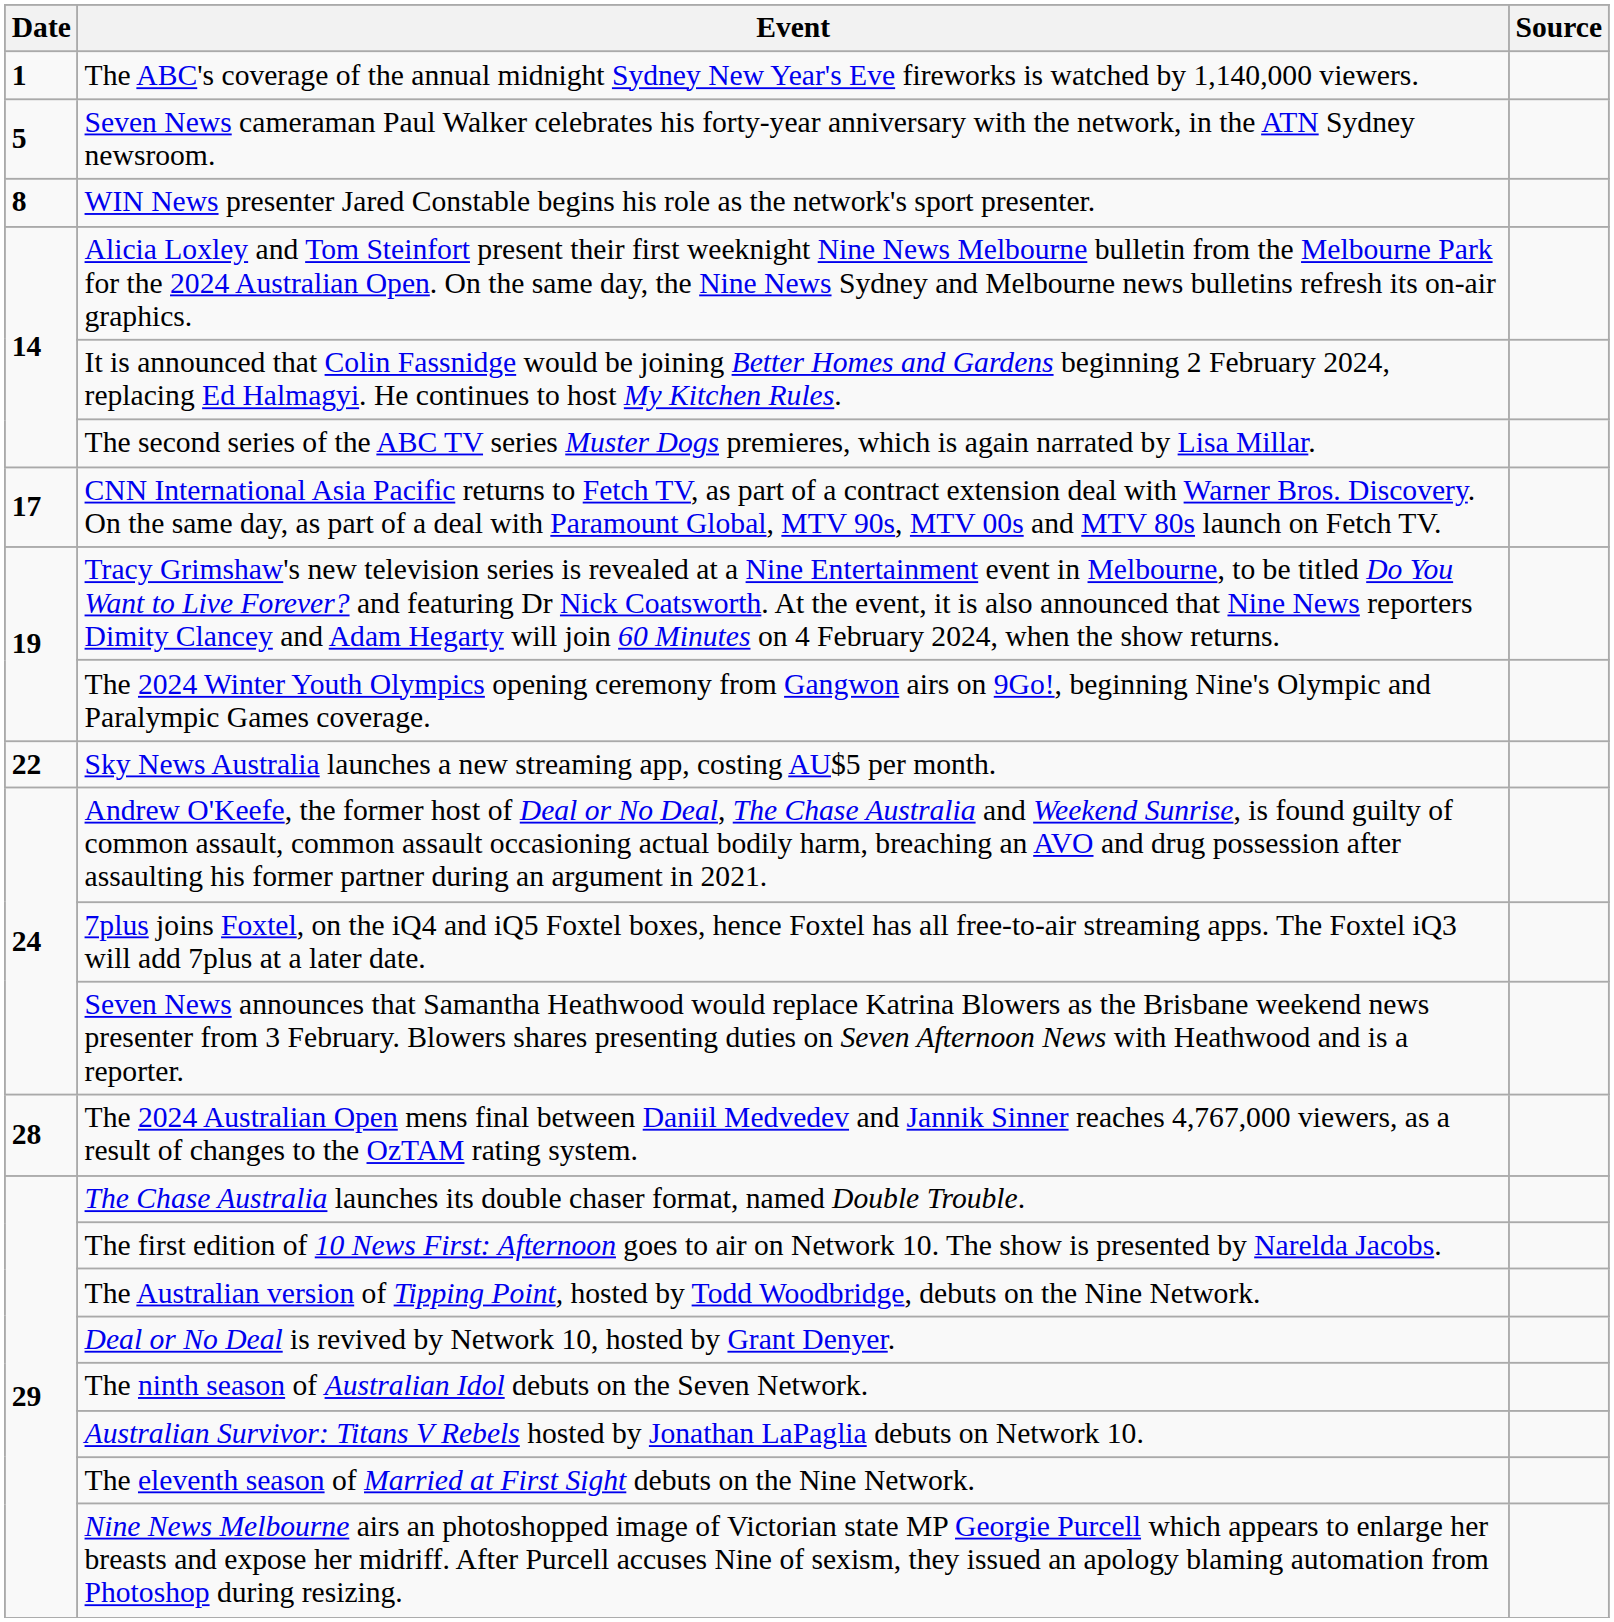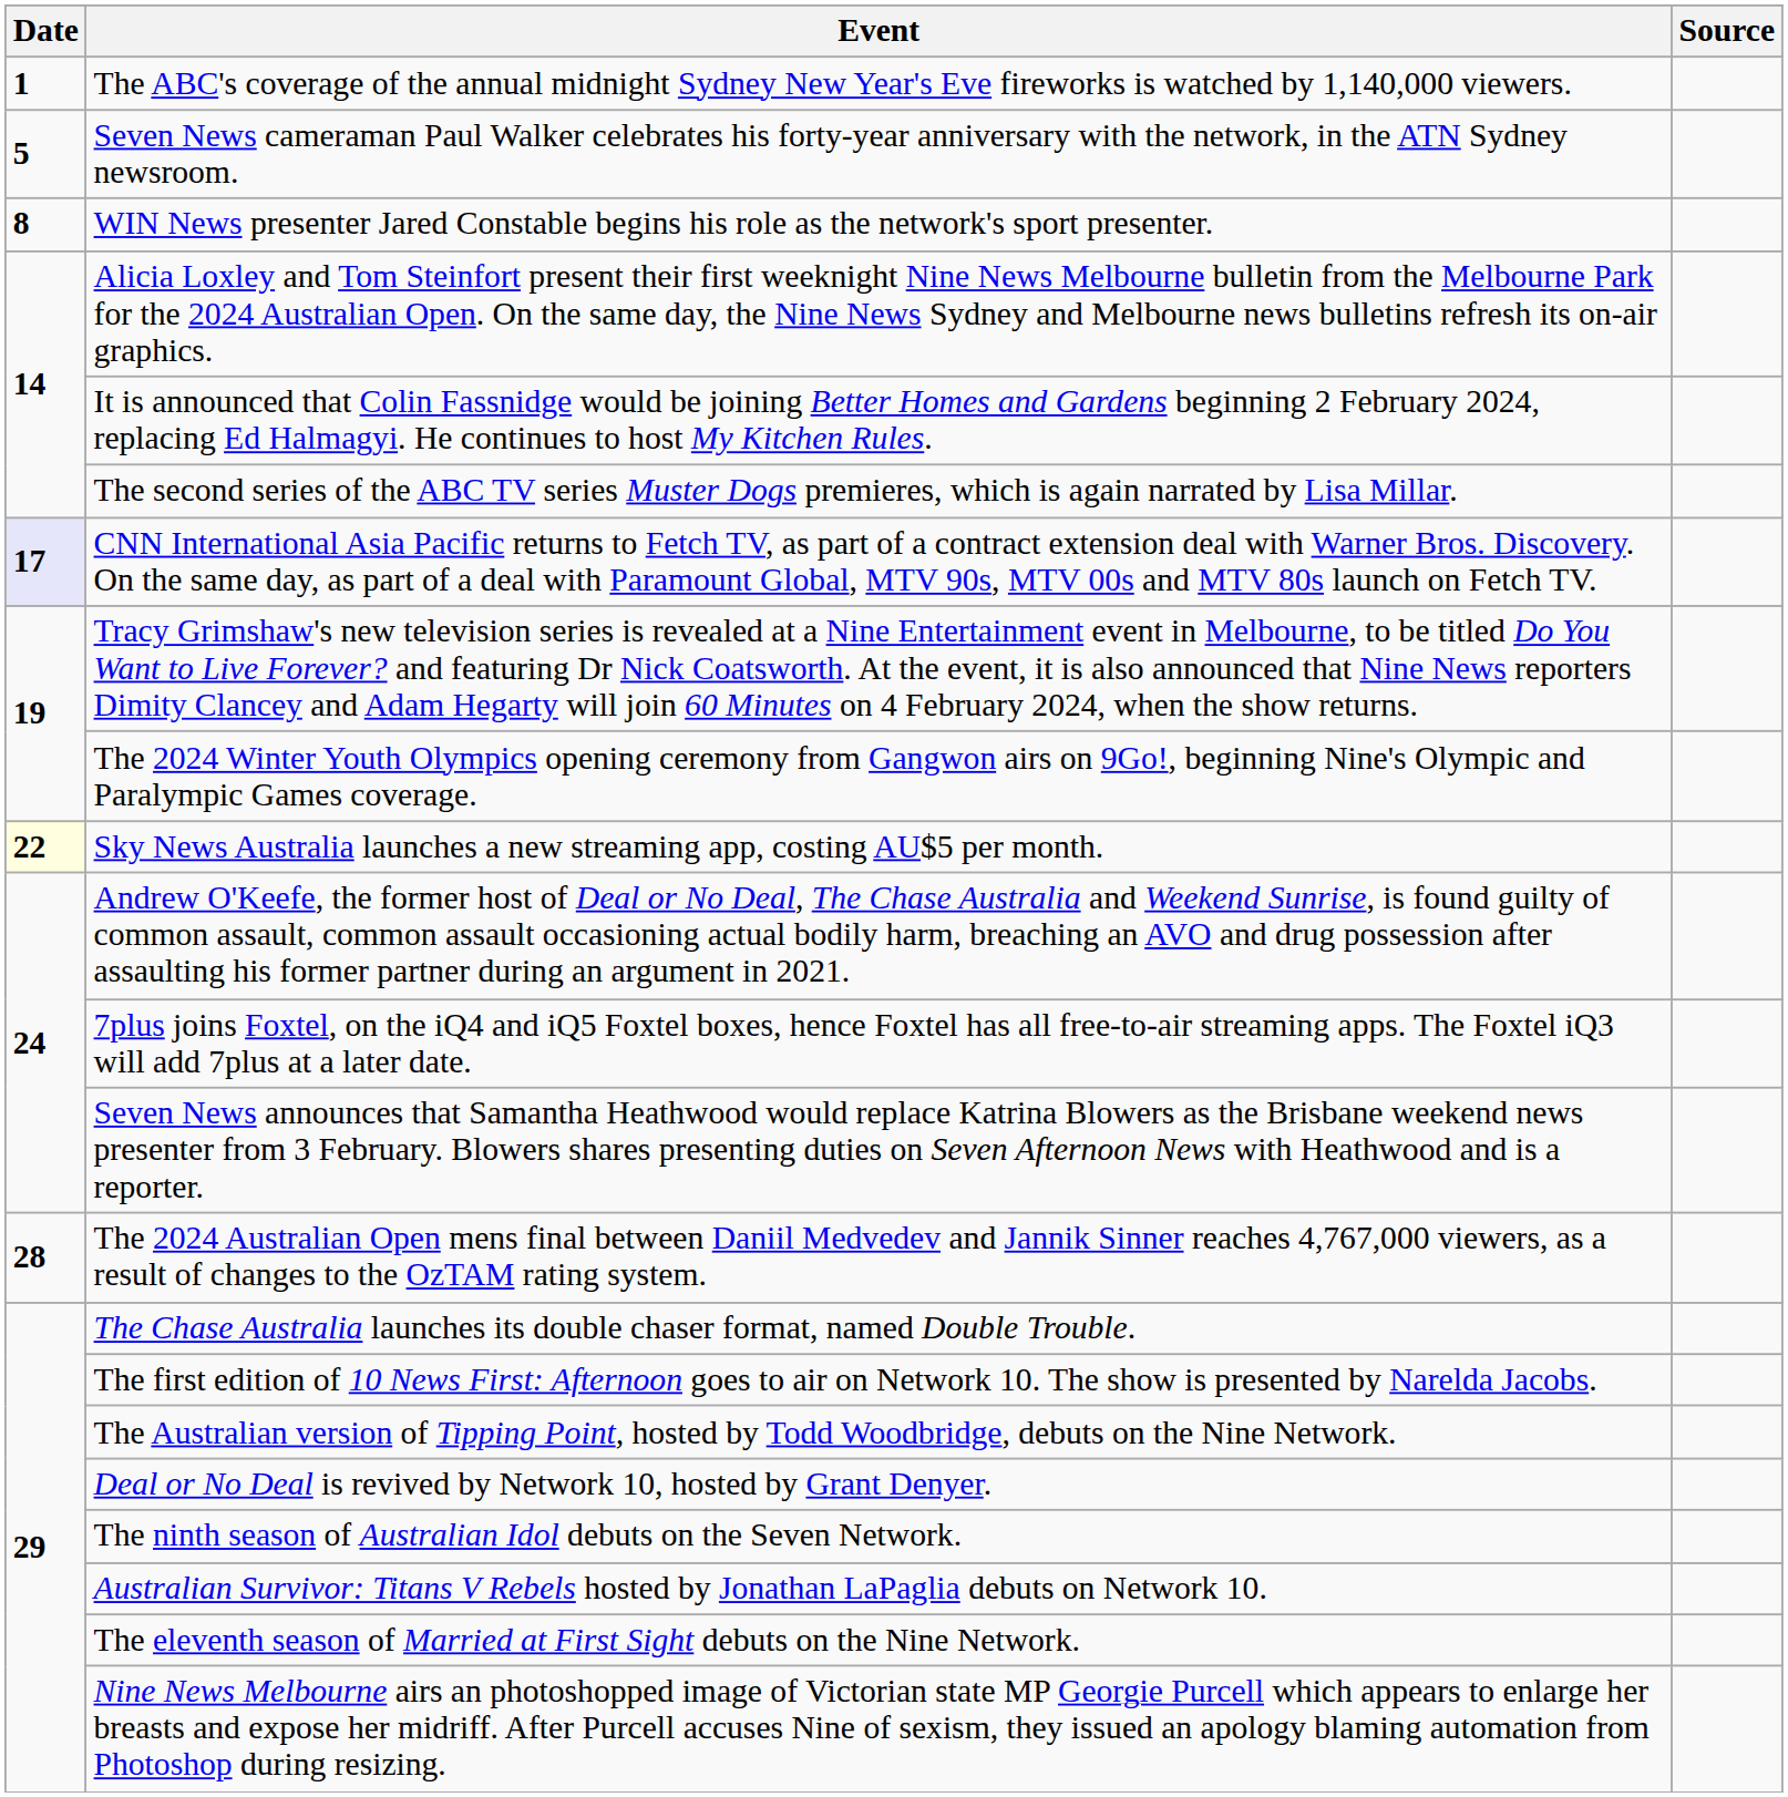 <table class="wikitable">
 <tr>
 <th>Date</th>
 <th>Event</th>
 <th>Source</th>
 </tr>
 <tr>
 <td><strong>1</strong></td>
 <td>The <a href='#'>ABC</a>'s coverage of the annual midnight <a href='#'>Sydney New Year's Eve</a> fireworks is watched by 1,140,000 viewers.</td>
 <td></td>
 </tr>
 <tr>
 <td><strong>5</strong></td>
 <td><a href='#'>Seven News</a> cameraman Paul Walker celebrates his forty-year anniversary with the network, in the <a href='#'>ATN</a> Sydney newsroom.</td>
 <td></td>
 </tr>
 <tr>
 <td><strong>8</strong></td>
 <td><a href='#'>WIN News</a> presenter Jared Constable begins his role as the network's sport presenter.</td>
 <td></td>
 </tr>
 <tr>
 <td rowspan=3><strong>14</strong></td>
 <td><a href='#'>Alicia Loxley</a> and <a href='#'>Tom Steinfort</a> present their first weeknight <a href='#'>Nine News Melbourne</a> bulletin from the <a href='#'>Melbourne Park</a> for the <a href='#'>2024 Australian Open</a>. On the same day, the <a href='#'>Nine News</a> Sydney and Melbourne news bulletins refresh its on-air graphics.</td>
 <td></td>
 </tr>
 <tr>
 <td>It is announced that <a href='#'>Colin Fassnidge</a> would be joining <a href='#'><em>Better Homes and Gardens</em></a> beginning 2 February 2024, replacing <a href='#'>Ed Halmagyi</a>. He continues to host <em><a href='#'>My Kitchen Rules</a></em>.</td>
 <td></td>
 </tr>
 <tr>
 <td>The second series of the <a href='#'>ABC TV</a> series <em><a href='#'>Muster Dogs</a></em> premieres, which is again narrated by <a href='#'>Lisa Millar</a>.</td>
 <td></td>
 </tr>
 <tr>
-<td><strong>17</strong></td>
+<td style="background: lavender;"><strong>17</strong></td>
 <td><a href='#'>CNN International Asia Pacific</a> returns to <a href='#'>Fetch TV</a>, as part of a contract extension deal with <a href='#'>Warner Bros. Discovery</a>. On the same day, as part of a deal with <a href='#'>Paramount Global</a>, <a href='#'>MTV 90s</a>, <a href='#'>MTV 00s</a> and <a href='#'>MTV 80s</a> launch on Fetch TV.</td>
 <td></td>
 </tr>
 <tr>
 <td rowspan=2><strong>19</strong></td>
 <td><a href='#'>Tracy Grimshaw</a>'s new television series is revealed at a <a href='#'>Nine Entertainment</a> event in <a href='#'>Melbourne</a>, to be titled <em><a href='#'>Do You Want to Live Forever?</a></em> and featuring Dr <a href='#'>Nick Coatsworth</a>. At the event, it is also announced that <a href='#'>Nine News</a> reporters <a href='#'>Dimity Clancey</a> and <a href='#'>Adam Hegarty</a> will join <a href='#'><em>60 Minutes</em></a> on 4 February 2024, when the show returns.</td>
 <td></td>
 </tr>
 <tr>
 <td>The <a href='#'>2024 Winter Youth Olympics</a> opening ceremony from <a href='#'>Gangwon</a> airs on <a href='#'>9Go!</a>, beginning Nine's Olympic and Paralympic Games coverage.</td>
 <td></td>
 </tr>
 <tr>
-<td><strong>22</strong></td>
+<td style="background: lightyellow;"><strong>22</strong></td>
 <td><a href='#'>Sky News Australia</a> launches a new streaming app, costing <a href='#'>AU</a>$5 per month.</td>
 <td></td>
 </tr>
 <tr>
 <td rowspan=3><strong>24</strong></td>
 <td><a href='#'>Andrew O'Keefe</a>, the former host of <em><a href='#'>Deal or No Deal</a></em>, <em><a href='#'>The Chase Australia</a></em> and <em><a href='#'>Weekend Sunrise</a></em>, is found guilty of common assault, common assault occasioning actual bodily harm, breaching an <a href='#'>AVO</a> and drug possession after assaulting his former partner during an argument in 2021.</td>
 <td></td>
 </tr>
 <tr>
 <td><a href='#'>7plus</a> joins <a href='#'>Foxtel</a>, on the iQ4 and iQ5 Foxtel boxes, hence Foxtel has all free-to-air streaming apps. The Foxtel iQ3 will add 7plus at a later date.</td>
 <td></td>
 </tr>
 <tr>
 <td><a href='#'>Seven News</a> announces that Samantha Heathwood would replace Katrina Blowers as the Brisbane weekend news presenter from 3 February. Blowers shares presenting duties on <em>Seven Afternoon News</em> with Heathwood and is a reporter.</td>
 <td></td>
 </tr>
 <tr>
 <td><strong>28</strong></td>
 <td>The <a href='#'>2024 Australian Open</a> mens final between <a href='#'>Daniil Medvedev</a> and <a href='#'>Jannik Sinner</a> reaches 4,767,000 viewers, as a result of changes to the <a href='#'>OzTAM</a> rating system.</td>
 <td></td>
 </tr>
 <tr>
 <td rowspan=8><strong>29</strong></td>
 <td><em><a href='#'>The Chase Australia</a></em> launches its double chaser format, named <em>Double Trouble</em>.</td>
 <td></td>
 </tr>
 <tr>
 <td>The first edition of <em><a href='#'>10 News First: Afternoon</a></em> goes to air on Network 10. The show is presented by <a href='#'>Narelda Jacobs</a>.</td>
 <td></td>
 </tr>
 <tr>
 <td>The <a href='#'>Australian version</a> of <em><a href='#'>Tipping Point</a>,</em> hosted by <a href='#'>Todd Woodbridge</a>, debuts on the Nine Network.</td>
 <td></td>
 </tr>
 <tr>
 <td><em><a href='#'>Deal or No Deal</a></em> is revived by Network 10, hosted by <a href='#'>Grant Denyer</a>.</td>
 <td></td>
 </tr>
 <tr>
 <td>The <a href='#'>ninth season</a> of <em><a href='#'>Australian Idol</a></em> debuts on the Seven Network.</td>
 <td></td>
 </tr>
 <tr>
 <td><em><a href='#'>Australian Survivor: Titans V Rebels</a></em> hosted by <a href='#'>Jonathan LaPaglia</a> debuts on Network 10.</td>
 <td></td>
 </tr>
 <tr>
 <td>The <a href='#'>eleventh season</a> of <em><a href='#'>Married at First Sight</a></em> debuts on the Nine Network.</td>
 <td></td>
 </tr>
 <tr>
 <td><em><a href='#'>Nine News Melbourne</a></em> airs an photoshopped image of Victorian state MP <a href='#'>Georgie Purcell</a> which appears to enlarge her breasts and expose her midriff. After Purcell accuses Nine of sexism, they issued an apology blaming automation from <a href='#'>Photoshop</a> during resizing.</td>
 <td></td>
 </tr>
 <tr>
 </tr>
 </table>
